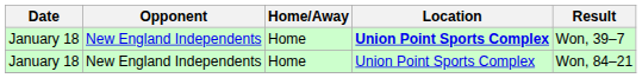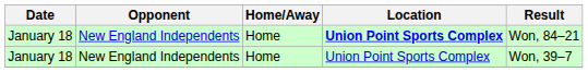 <table class="wikitable mw-collapsible mw-collapsed">
 <tr>
 <th>Date</th>
 <th>Opponent</th>
 <th>Home/Away</th>
 <th>Location</th>
 <th>Result</th>
 </tr>
 <tr bgcolor="#CCFFCC">
 <td>January 18</td>
 <td><a href='#'>New England Independents</a></td>
 <td>Home</td>
 <td><strong><a href='#'>Union Point Sports Complex</a></strong></td>
-<td>Won, 39–7</td>
+<td>Won, 84–21</td>
 </tr>
 <tr bgcolor="#CCFFCC">
 <td>January 18</td>
 <td>New England Independents</td>
 <td>Home</td>
 <td><a href='#'>Union Point Sports Complex</a></td>
-<td>Won, 84–21</td>
+<td>Won, 39–7</td>
 </tr>
 <tr>
 </tr>
 </table>
